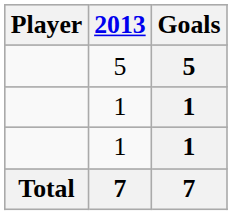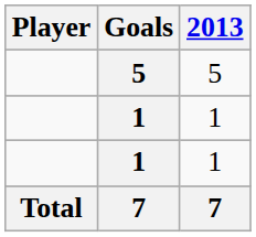 <table class="wikitable sortable" style="text-align:center;">
 <tr>
 <th>Player</th>
+<th>Goals</th>
 <th><a href='#'>2013</a></th>
-<th>Goals</th>
 </tr>
 <tr>
 <td align="left"></td>
+<th>5</th>
 <td>5</td>
-<th>5</th>
 </tr>
 <tr>
 <td align="left"></td>
+<th>1</th>
 <td>1</td>
-<th>1</th>
 </tr>
 <tr>
 <td align="left"></td>
+<th>1</th>
 <td>1</td>
-<th>1</th>
 </tr>
 <tr class="sortbottom">
 <th>Total</th>
 <th>7</th>
 <th>7</th>
 </tr>
 </table>
